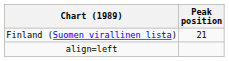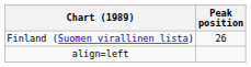 <table class="wikitable plainrowheaders" style="text-align:center">
 <tr>
 <th scope="col">Chart (1989)</th>
 <th scope="col">Peak<br>position</th>
 </tr>
 <tr>
 <td align="left">Finland (<a href='#'>Suomen virallinen lista</a>)</td>
-<td align="center">21</td>
+<td align="center">26</td>
 </tr>
 <tr>
 <td>align=left</td>
 </tr>
 </table>
